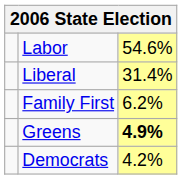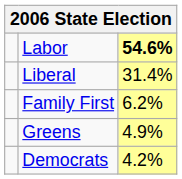 <table class="wikitable" style="float:right; margin-left:0.5em">
 <tr>
 <th colspan="3">2006 State Election</th>
 </tr>
 <tr>
 <td> </td>
 <td><a href='#'>Labor</a></td>
-<td bgcolor="FFFF99">54.6%</td>
+<td bgcolor="FFFF99"><strong>54.6%</strong></td>
 </tr>
 <tr>
 <td> </td>
 <td><a href='#'>Liberal</a></td>
 <td bgcolor="FFFF99">31.4%</td>
 </tr>
 <tr>
 <td> </td>
 <td><a href='#'>Family First</a></td>
 <td bgcolor="FFFF99">6.2%</td>
 </tr>
 <tr>
 <td> </td>
 <td><a href='#'>Greens</a></td>
-<td bgcolor="FFFF99"><strong>4.9%</strong></td>
+<td bgcolor="FFFF99">4.9%</td>
 </tr>
 <tr>
 <td> </td>
 <td><a href='#'>Democrats</a></td>
 <td bgcolor="FFFF99">4.2%</td>
 </tr>
 </table>
